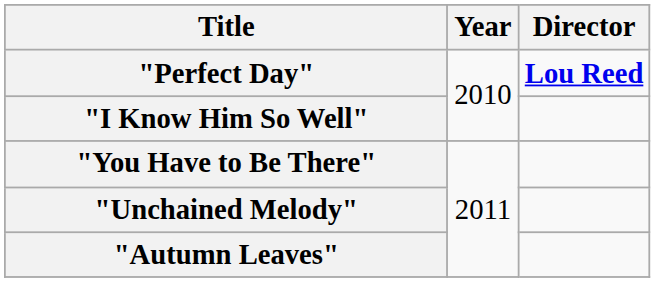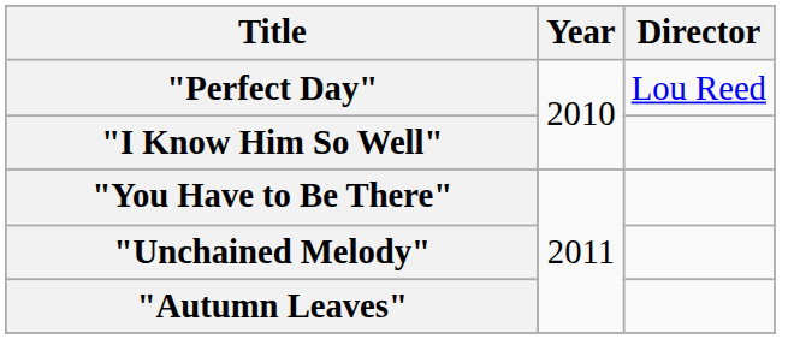 <table class="wikitable plainrowheaders" style="text-align:center;">
 <tr>
 <th scope="col" style="width:15em;">Title</th>
 <th scope="col" style="width:1em;">Year</th>
 <th scope="col">Director</th>
 </tr>
 <tr>
 <th scope="row">"Perfect Day"</th>
 <td rowspan="2">2010</td>
-<td><strong><a href='#'>Lou Reed</a></strong></td>
+<td><a href='#'>Lou Reed</a></td>
 </tr>
 <tr>
 <th scope="row">"I Know Him So Well"</th>
 <td></td>
 </tr>
 <tr>
 <th scope="row">"You Have to Be There"</th>
 <td rowspan="3">2011</td>
 <td></td>
 </tr>
 <tr>
 <th scope="row">"Unchained Melody"</th>
 <td></td>
 </tr>
 <tr>
 <th scope="row">"Autumn Leaves"</th>
 <td></td>
 </tr>
 </table>
